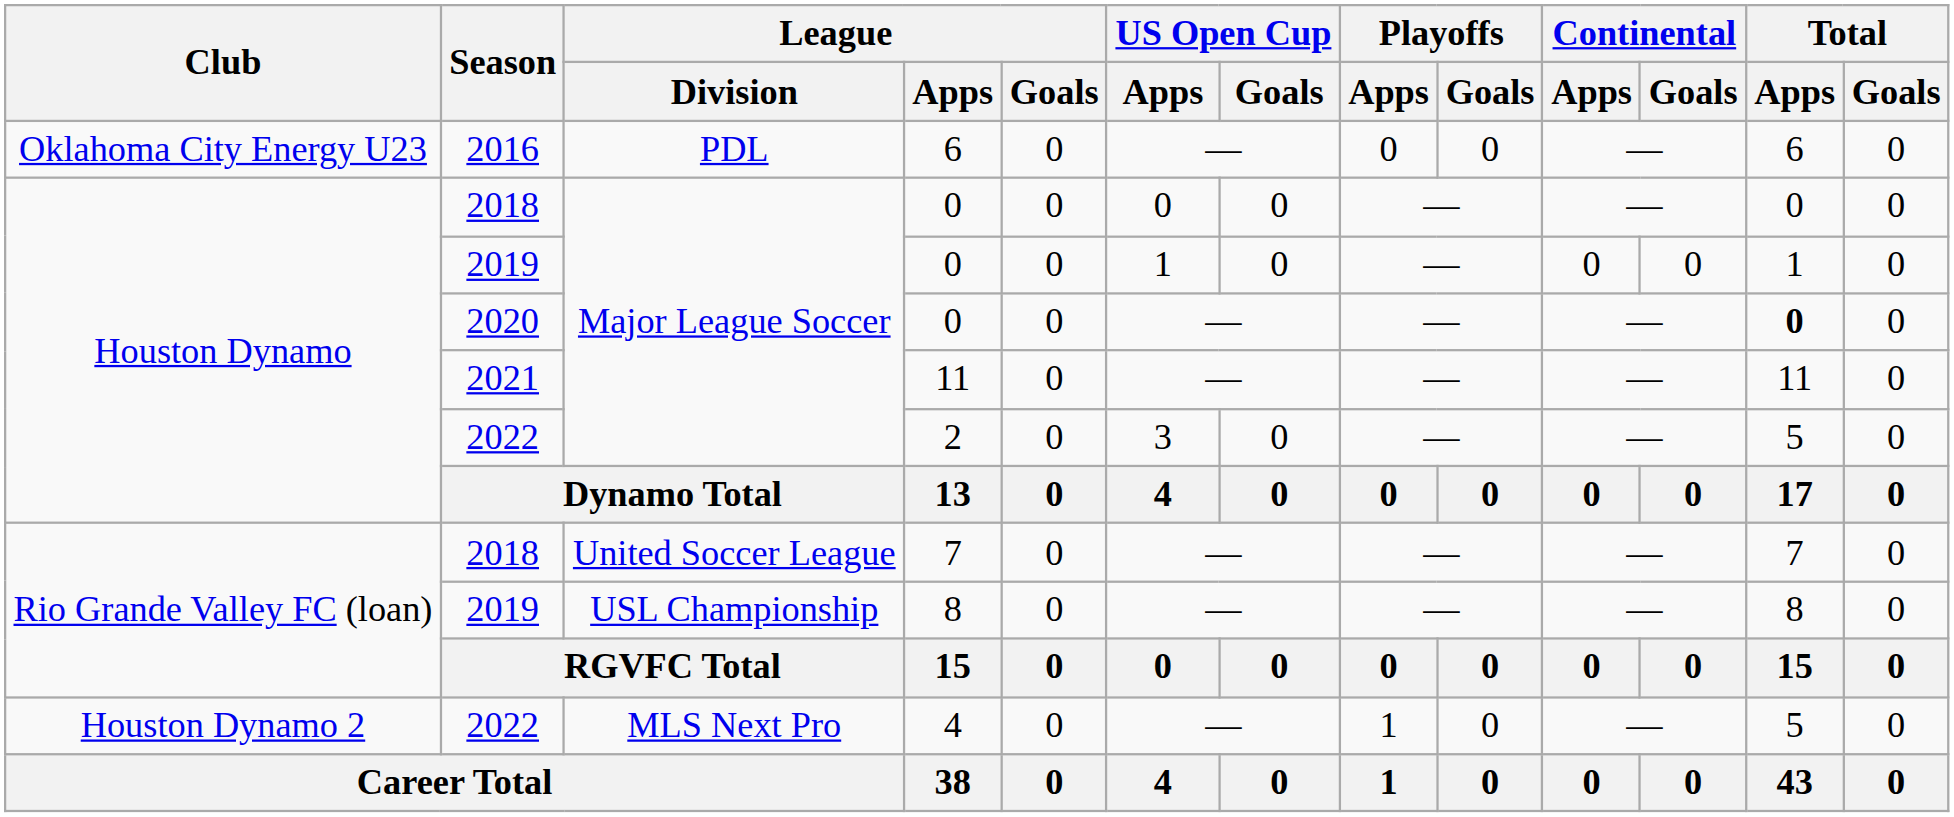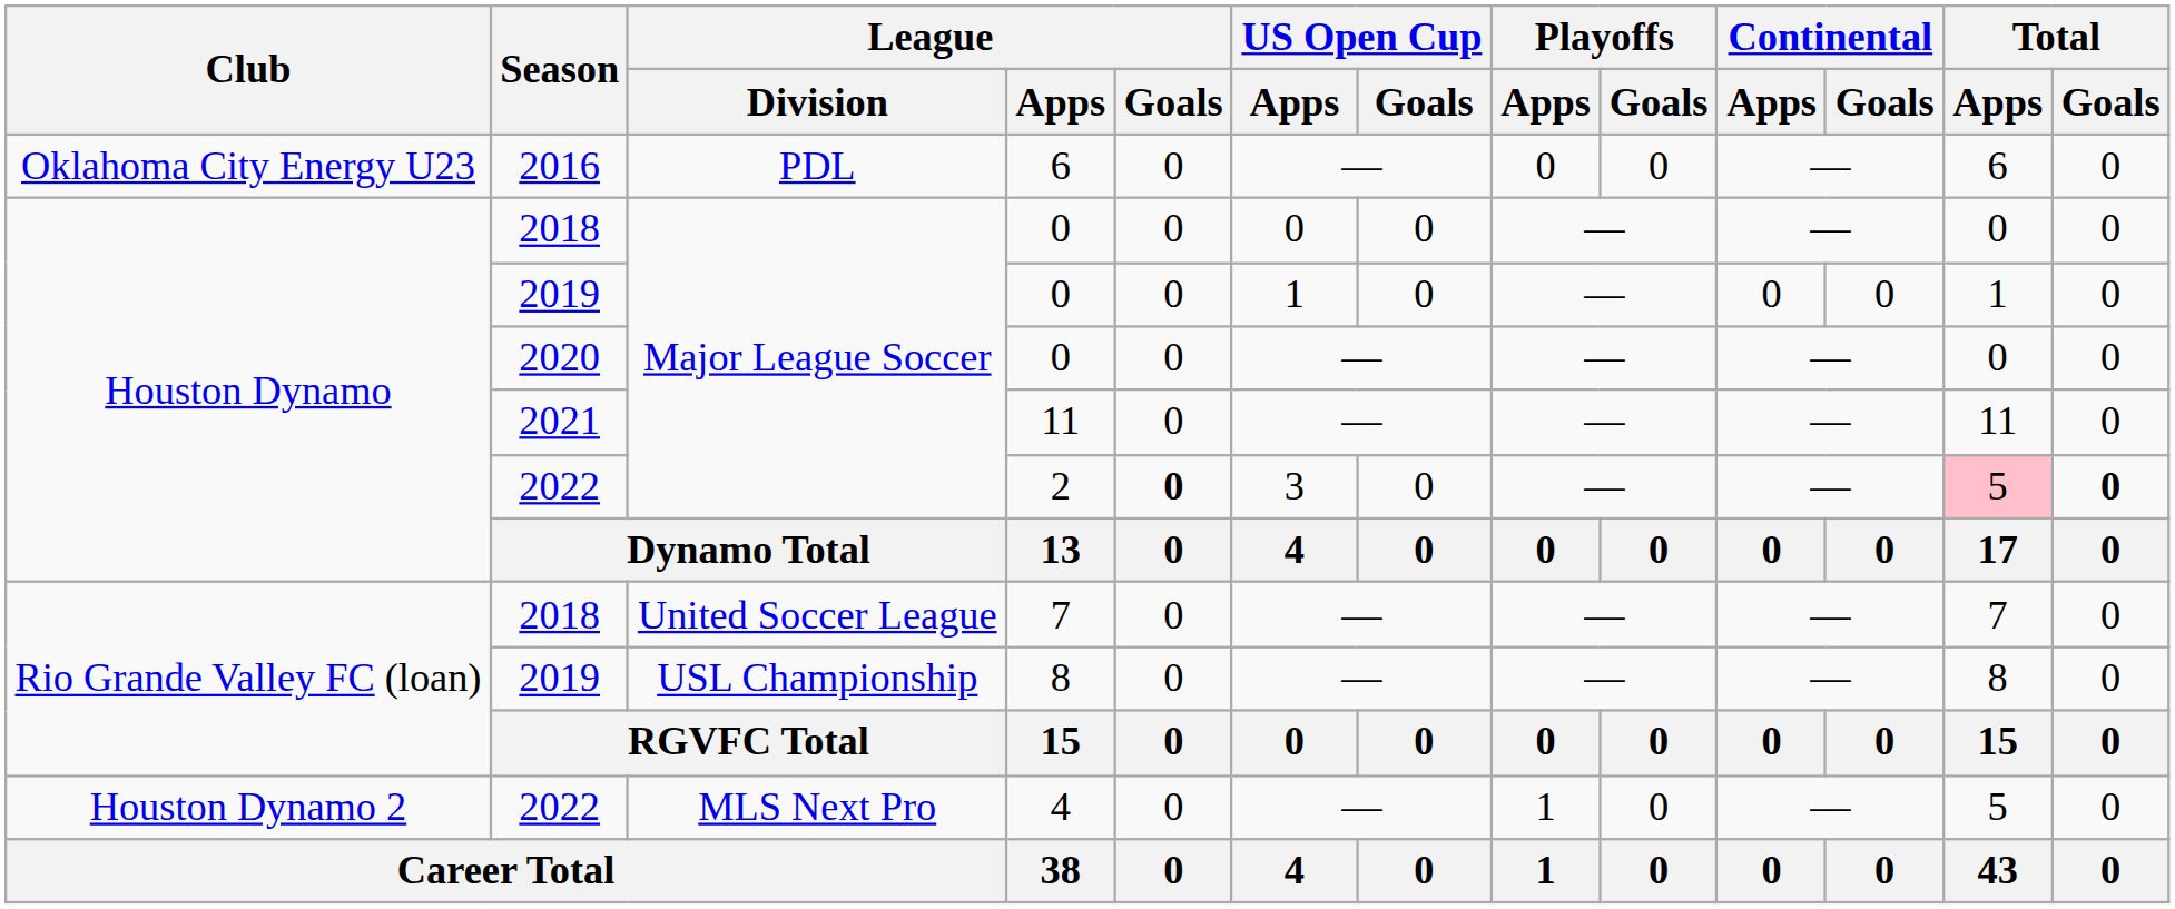 <table class="wikitable" style="text-align:center">
 <tr>
 <th rowspan="2">Club</th>
 <th rowspan="2">Season</th>
 <th colspan="3">League</th>
 <th colspan="2"><a href='#'>US Open Cup</a></th>
 <th colspan="2">Playoffs</th>
 <th colspan="2"><a href='#'>Continental</a></th>
 <th colspan="2">Total</th>
 </tr>
 <tr>
 <th>Division</th>
 <th>Apps</th>
 <th>Goals</th>
 <th>Apps</th>
 <th>Goals</th>
 <th>Apps</th>
 <th>Goals</th>
 <th>Apps</th>
 <th>Goals</th>
 <th>Apps</th>
 <th>Goals</th>
 </tr>
 <tr>
 <td><a href='#'>Oklahoma City Energy U23</a></td>
 <td><a href='#'>2016</a></td>
 <td><a href='#'>PDL</a></td>
 <td>6</td>
 <td>0</td>
 <td colspan="2">—</td>
 <td>0</td>
 <td>0</td>
 <td colspan="2">—</td>
 <td>6</td>
 <td>0</td>
 </tr>
 <tr>
 <td rowspan="6"><a href='#'>Houston Dynamo</a></td>
 <td><a href='#'>2018</a></td>
 <td rowspan="5"><a href='#'>Major League Soccer</a></td>
 <td>0</td>
 <td>0</td>
 <td>0</td>
 <td>0</td>
 <td colspan="2">—</td>
 <td colspan="2">—</td>
 <td>0</td>
 <td>0</td>
 </tr>
 <tr>
 <td><a href='#'>2019</a></td>
 <td>0</td>
 <td>0</td>
 <td>1</td>
 <td>0</td>
 <td colspan="2">—</td>
 <td>0</td>
 <td>0</td>
 <td>1</td>
 <td>0</td>
 </tr>
 <tr>
 <td><a href='#'>2020</a></td>
 <td>0</td>
 <td>0</td>
 <td colspan="2">—</td>
 <td colspan="2">—</td>
 <td colspan="2">—</td>
-<td><strong>0</strong></td>
+<td>0</td>
 <td>0</td>
 </tr>
 <tr>
 <td><a href='#'>2021</a></td>
 <td>11</td>
 <td>0</td>
 <td colspan="2">—</td>
 <td colspan="2">—</td>
 <td colspan="2">—</td>
 <td>11</td>
 <td>0</td>
 </tr>
 <tr>
 <td><a href='#'>2022</a></td>
 <td>2</td>
-<td>0</td>
+<td><strong>0</strong></td>
 <td>3</td>
 <td>0</td>
 <td colspan="2">—</td>
 <td colspan="2">—</td>
-<td>5</td>
-<td>0</td>
+<td style="background: pink;">5</td>
+<td><strong>0</strong></td>
 </tr>
 <tr>
 <th colspan="2">Dynamo Total</th>
 <th>13</th>
 <th>0</th>
 <th>4</th>
 <th>0</th>
 <th>0</th>
 <th>0</th>
 <th>0</th>
 <th>0</th>
 <th>17</th>
 <th>0</th>
 </tr>
 <tr>
 <td rowspan="3"><a href='#'>Rio Grande Valley FC</a> (loan)</td>
 <td><a href='#'>2018</a></td>
 <td><a href='#'>United Soccer League</a></td>
 <td>7</td>
 <td>0</td>
 <td colspan="2">—</td>
 <td colspan="2">—</td>
 <td colspan="2">—</td>
 <td>7</td>
 <td>0</td>
 </tr>
 <tr>
 <td><a href='#'>2019</a></td>
 <td><a href='#'>USL Championship</a></td>
 <td>8</td>
 <td>0</td>
 <td colspan="2">—</td>
 <td colspan="2">—</td>
 <td colspan="2">—</td>
 <td>8</td>
 <td>0</td>
 </tr>
 <tr>
 <th colspan="2">RGVFC Total</th>
 <th>15</th>
 <th>0</th>
 <th>0</th>
 <th>0</th>
 <th>0</th>
 <th>0</th>
 <th>0</th>
 <th>0</th>
 <th>15</th>
 <th>0</th>
 </tr>
 <tr>
 <td><a href='#'>Houston Dynamo 2</a></td>
 <td><a href='#'>2022</a></td>
 <td><a href='#'>MLS Next Pro</a></td>
 <td>4</td>
 <td>0</td>
 <td colspan="2">—</td>
 <td>1</td>
 <td>0</td>
 <td colspan="2">—</td>
 <td>5</td>
 <td>0</td>
 </tr>
 <tr>
 <th colspan="3">Career Total</th>
 <th>38</th>
 <th>0</th>
 <th>4</th>
 <th>0</th>
 <th>1</th>
 <th>0</th>
 <th>0</th>
 <th>0</th>
 <th>43</th>
 <th>0</th>
 </tr>
 </table>
